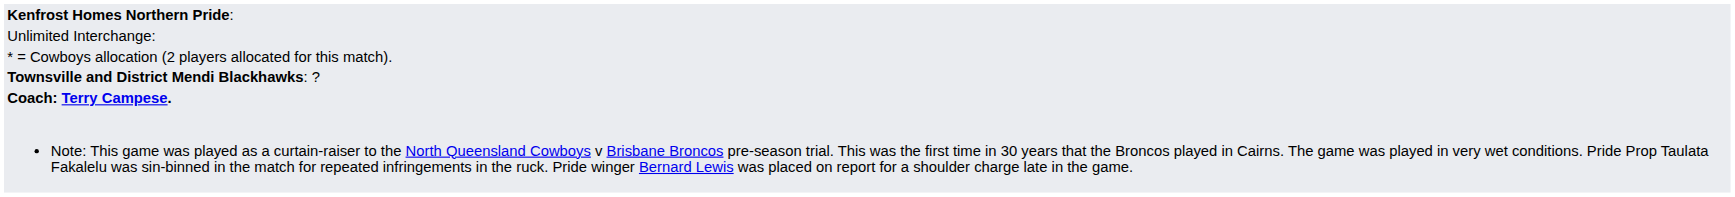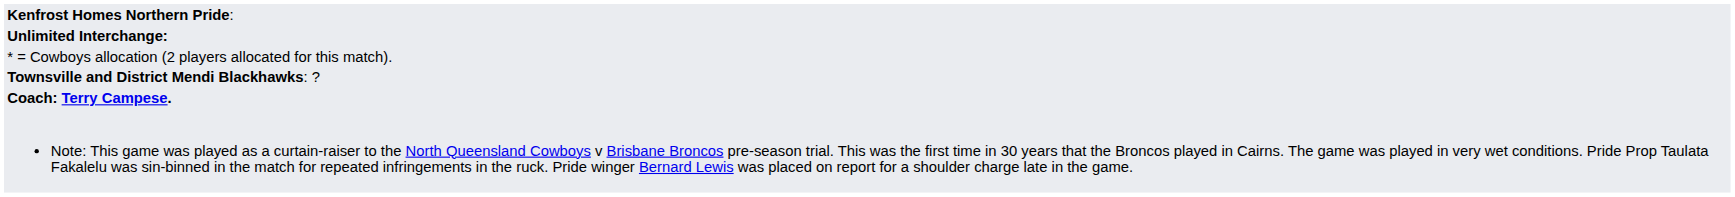 <table style="background:#eaecf0; font-size:85%; width:100%;">
 <tr>
 <td><strong>Kenfrost Homes Northern Pride</strong>:             </td>
 </tr>
 <tr>
-<td>Unlimited Interchange:          </td>
+<td><strong>Unlimited Interchange:          </strong></td>
 </tr>
 <tr>
 <td>* = Cowboys allocation (2 players allocated for this match).</td>
 </tr>
 <tr>
 <td><strong>Townsville and District Mendi Blackhawks</strong>: ?</td>
 </tr>
 <tr>
 <td><strong>Coach: <a href='#'>Terry Campese</a>.</strong></td>
 </tr>
 <tr>
 <td><br><ul><li>Note: This game was played as a curtain-raiser to the <a href='#'>North Queensland Cowboys</a> v <a href='#'>Brisbane Broncos</a> pre-season trial. This was the first time in 30 years that the Broncos played in Cairns. The game was played in very wet conditions. Pride Prop Taulata Fakalelu was sin-binned in the match for repeated infringements in the ruck. Pride winger <a href='#'>Bernard Lewis</a> was placed on report for a shoulder charge late in the game.</li></ul></td>
 </tr>
 </table>
